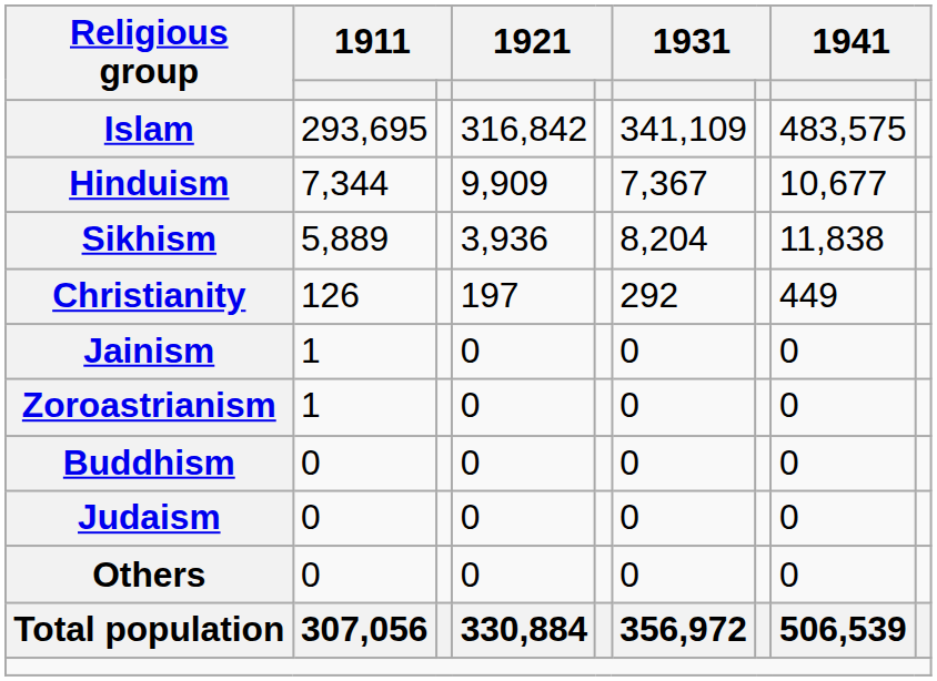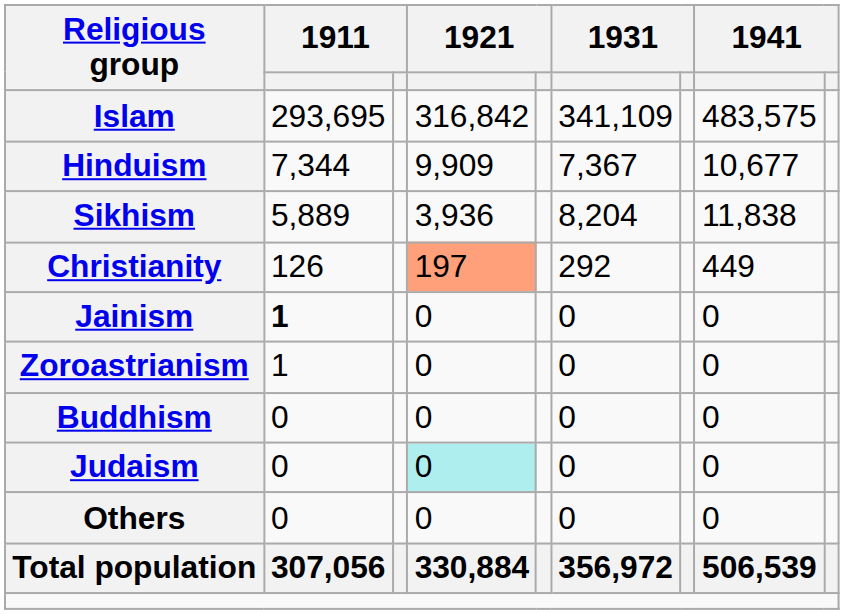 <table class="wikitable sortable">
 <tr>
 <th rowspan="2"><a href='#'>Religious</a><br>group</th>
 <th colspan="2">1911</th>
 <th colspan="2">1921</th>
 <th colspan="2">1931</th>
 <th colspan="2">1941</th>
 </tr>
 <tr>
 <th><a href='#'></a></th>
 <th></th>
 <th></th>
 <th></th>
 <th></th>
 <th></th>
 <th></th>
 <th></th>
 </tr>
 <tr>
 <th><a href='#'>Islam</a> </th>
 <td>293,695</td>
 <td></td>
 <td>316,842</td>
 <td></td>
 <td>341,109</td>
 <td></td>
 <td>483,575</td>
 <td></td>
 </tr>
 <tr>
 <th><a href='#'>Hinduism</a> </th>
 <td>7,344</td>
 <td></td>
 <td>9,909</td>
 <td></td>
 <td>7,367</td>
 <td></td>
 <td>10,677</td>
 <td></td>
 </tr>
 <tr>
 <th><a href='#'>Sikhism</a> </th>
 <td>5,889</td>
 <td></td>
 <td>3,936</td>
 <td></td>
 <td>8,204</td>
 <td></td>
 <td>11,838</td>
 <td></td>
 </tr>
 <tr>
 <th><a href='#'>Christianity</a> </th>
 <td>126</td>
 <td></td>
-<td>197</td>
+<td style="background: lightsalmon;">197</td>
 <td></td>
 <td>292</td>
 <td></td>
 <td>449</td>
 <td></td>
 </tr>
 <tr>
 <th><a href='#'>Jainism</a> </th>
-<td>1</td>
+<td><strong>1</strong></td>
 <td></td>
 <td>0</td>
 <td></td>
 <td>0</td>
 <td></td>
 <td>0</td>
 <td></td>
 </tr>
 <tr>
 <th><a href='#'>Zoroastrianism</a> </th>
 <td>1</td>
 <td></td>
 <td>0</td>
 <td></td>
 <td>0</td>
 <td></td>
 <td>0</td>
 <td></td>
 </tr>
 <tr>
 <th><a href='#'>Buddhism</a> </th>
 <td>0</td>
 <td></td>
 <td>0</td>
 <td></td>
 <td>0</td>
 <td></td>
 <td>0</td>
 <td></td>
 </tr>
 <tr>
 <th><a href='#'>Judaism</a> </th>
 <td>0</td>
 <td></td>
-<td>0</td>
+<td style="background: paleturquoise;">0</td>
 <td></td>
 <td>0</td>
 <td></td>
 <td>0</td>
 <td></td>
 </tr>
 <tr>
 <th>Others</th>
 <td>0</td>
 <td></td>
 <td>0</td>
 <td></td>
 <td>0</td>
 <td></td>
 <td>0</td>
 <td></td>
 </tr>
 <tr>
 <th>Total population</th>
 <th>307,056</th>
 <th></th>
 <th>330,884</th>
 <th></th>
 <th>356,972</th>
 <th></th>
 <th>506,539</th>
 <th></th>
 </tr>
 <tr class="sortbottom">
 <td colspan="15"></td>
 </tr>
 </table>
